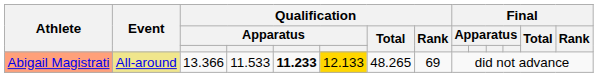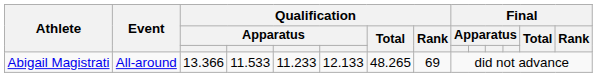 <table class="wikitable" style="font-size:90%">
 <tr>
 <th rowspan=3>Athlete</th>
 <th rowspan=3>Event</th>
 <th colspan=6>Qualification</th>
 <th colspan=6>Final</th>
 </tr>
 <tr style="font-size:95%">
 <th colspan=4>Apparatus</th>
 <th rowspan=2>Total</th>
 <th rowspan=2>Rank</th>
 <th colspan=4>Apparatus</th>
 <th rowspan=2>Total</th>
 <th rowspan=2>Rank</th>
 </tr>
 <tr style="font-size:95%">
 <th></th>
 <th></th>
 <th></th>
 <th></th>
 <th></th>
 <th></th>
 <th></th>
 <th></th>
 </tr>
 <tr align=center>
-<td align=left style="background: lightsalmon;"><a href='#'>Abigail Magistrati</a></td>
-<td align=left style="background: khaki;"><a href='#'>All-around</a></td>
+<td align=left><a href='#'>Abigail Magistrati</a></td>
+<td align=left><a href='#'>All-around</a></td>
 <td>13.366</td>
 <td>11.533</td>
-<td><strong>11.233</strong></td>
-<td style="background: gold;">12.133</td>
+<td>11.233</td>
+<td>12.133</td>
 <td>48.265</td>
 <td>69</td>
 <td colspan=6>did not advance</td>
 </tr>
 </table>
